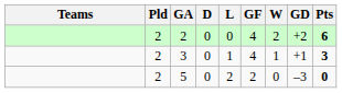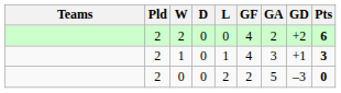 <table class="wikitable" style="text-align: center;">
 <tr>
 <th width=165>Teams</th>
 <th width=20>Pld</th>
-<th width=20>GA</th>
+<th width=20>W</th>
 <th width=20>D</th>
 <th width=20>L</th>
 <th width=20>GF</th>
-<th width=20>W</th>
+<th width=20>GA</th>
 <th width=20>GD</th>
 <th width=20>Pts</th>
 </tr>
 <tr align=center style="background:#ccffcc;">
 <td style="text-align:left;"></td>
 <td>2</td>
 <td>2</td>
 <td>0</td>
 <td>0</td>
 <td>4</td>
 <td>2</td>
 <td>+2</td>
 <td><strong>6</strong></td>
 </tr>
 <tr align=center>
 <td style="text-align:left;"></td>
 <td>2</td>
-<td>3</td>
+<td>1</td>
 <td>0</td>
 <td>1</td>
 <td>4</td>
-<td>1</td>
+<td>3</td>
 <td>+1</td>
 <td><strong>3</strong></td>
 </tr>
 <tr align=center>
 <td style="text-align:left;"></td>
 <td>2</td>
-<td>5</td>
+<td>0</td>
 <td>0</td>
 <td>2</td>
 <td>2</td>
-<td>0</td>
+<td>5</td>
 <td>–3</td>
 <td><strong>0</strong></td>
 </tr>
 </table>
